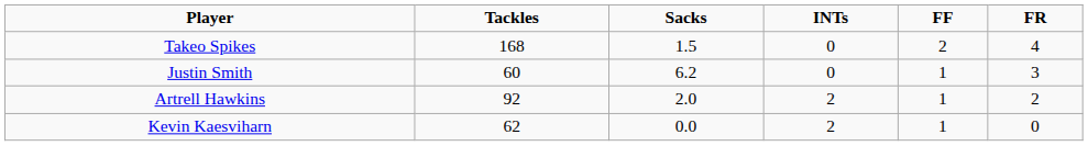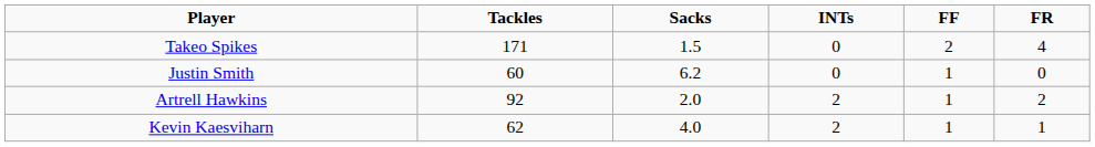 <table class="wikitable" width="80%">
 <tr align="center">
 <td><strong>Player</strong></td>
 <td><strong>Tackles</strong></td>
 <td><strong>Sacks</strong></td>
 <td><strong>INTs</strong></td>
 <td><strong>FF</strong></td>
 <td><strong>FR</strong></td>
 </tr>
 <tr align="center" bgcolor="">
 <td><a href='#'>Takeo Spikes</a></td>
-<td>168</td>
+<td>171</td>
 <td>1.5</td>
 <td>0</td>
 <td>2</td>
 <td>4</td>
 </tr>
 <tr align="center" bgcolor="">
 <td><a href='#'>Justin Smith</a></td>
 <td>60</td>
 <td>6.2</td>
 <td>0</td>
 <td>1</td>
-<td>3</td>
+<td>0</td>
 </tr>
 <tr align="center" bgcolor="">
 <td><a href='#'>Artrell Hawkins</a></td>
 <td>92</td>
 <td>2.0</td>
 <td>2</td>
 <td>1</td>
 <td>2</td>
 </tr>
 <tr align="center" bgcolor="">
 <td><a href='#'>Kevin Kaesviharn</a></td>
 <td>62</td>
-<td>0.0</td>
+<td>4.0</td>
 <td>2</td>
 <td>1</td>
-<td>0</td>
+<td>1</td>
 </tr>
 </table>
